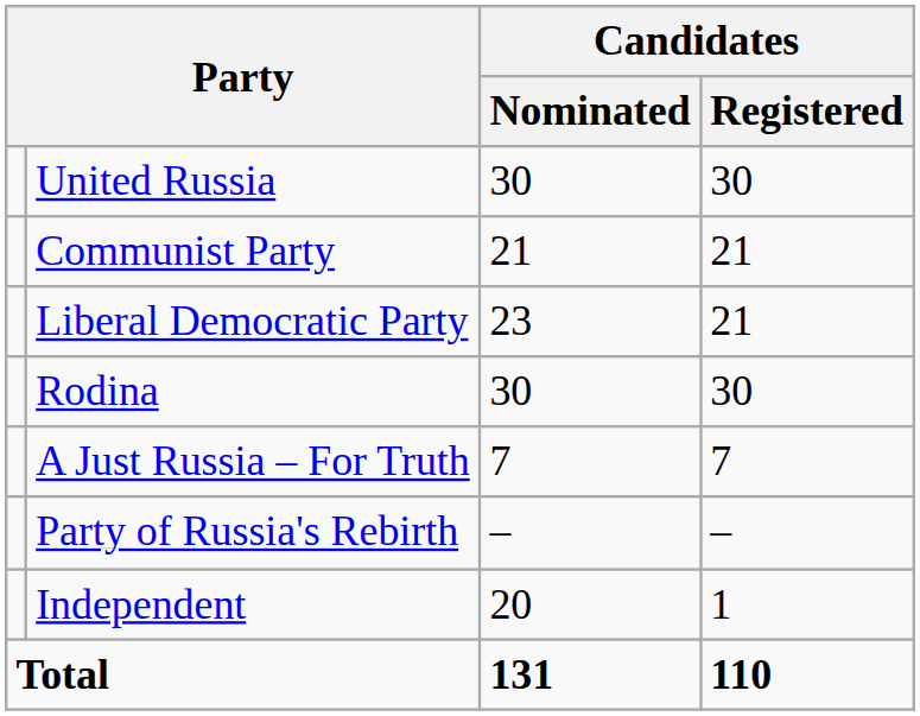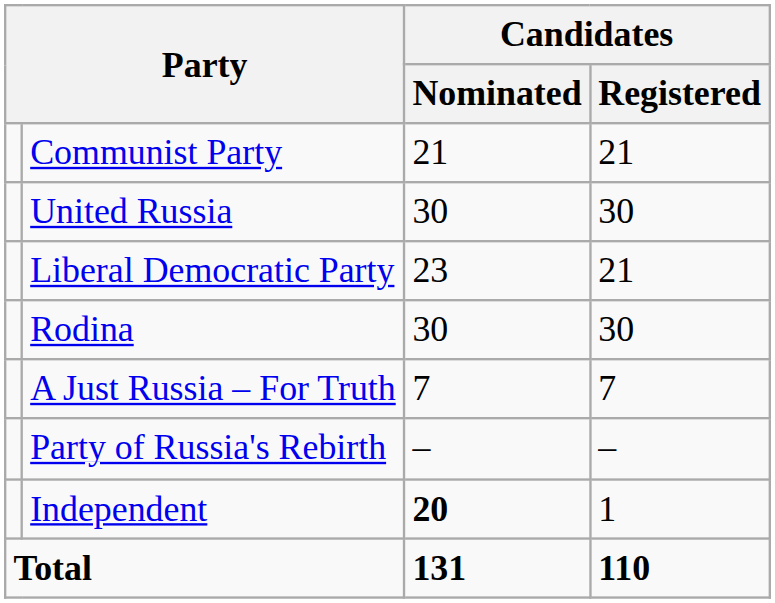 <table class="wikitable sortable" style="background: #f9f9f9; text-align:left; font-size: 95%">
 <tr>
 <th align=center rowspan=2 colspan=2>Party</th>
 <th align=center colspan=2>Candidates</th>
 </tr>
 <tr>
 <th align=center>Nominated</th>
 <th align=center>Registered</th>
 </tr>
 <tr>
 <td></td>
+<td><a href='#'>Communist Party</a></td>
+<td>21</td>
+<td>21</td>
+</tr>
+<tr>
+<td></td>
 <td><a href='#'>United Russia</a></td>
 <td>30</td>
 <td>30</td>
-</tr>
-<tr>
-<td></td>
-<td><a href='#'>Communist Party</a></td>
-<td>21</td>
-<td>21</td>
 </tr>
 <tr>
 <td></td>
 <td><a href='#'>Liberal Democratic Party</a></td>
 <td>23</td>
 <td>21</td>
 </tr>
 <tr>
 <td></td>
 <td><a href='#'>Rodina</a></td>
 <td>30</td>
 <td>30</td>
 </tr>
 <tr>
 <td></td>
 <td><a href='#'>A Just Russia – For Truth</a></td>
 <td>7</td>
 <td>7</td>
 </tr>
 <tr>
 <td></td>
 <td><a href='#'>Party of Russia's Rebirth</a></td>
 <td>–</td>
 <td>–</td>
 </tr>
 <tr>
 <td></td>
 <td><a href='#'>Independent</a></td>
-<td>20</td>
+<td><strong>20</strong></td>
 <td>1</td>
 </tr>
 <tr>
 <td colspan=2><strong>Total</strong></td>
 <td><strong>131</strong></td>
 <td><strong>110</strong></td>
 </tr>
 </table>
